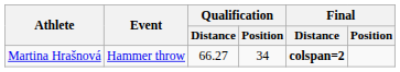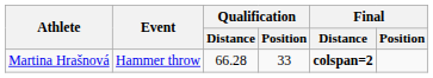 <table class=wikitable style=font-size:90%>
 <tr>
 <th rowspan=2>Athlete</th>
 <th rowspan=2>Event</th>
 <th colspan=2>Qualification</th>
 <th colspan=2>Final</th>
 </tr>
 <tr style=font-size:95%>
 <th>Distance</th>
 <th>Position</th>
 <th>Distance</th>
 <th>Position</th>
 </tr>
 <tr align=center>
 <td align=left><a href='#'>Martina Hrašnová</a></td>
 <td align=left><a href='#'>Hammer throw</a></td>
-<td>66.27</td>
-<td>34</td>
+<td>66.28</td>
+<td>33</td>
 <td><strong>colspan=2 </strong></td>
 </tr>
 </table>
